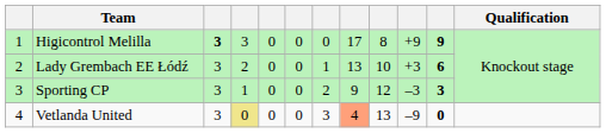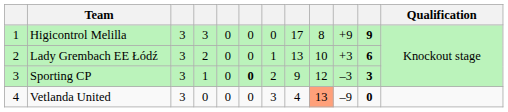 <table class="wikitable" style="font-size: 95%">
 <tr>
 <th width="25"></th>
 <th width="200">Team</th>
 <th width="25"></th>
 <th width="25"></th>
 <th width="25"></th>
 <th width="25"></th>
 <th width="25"></th>
 <th width="25"></th>
 <th width="25"></th>
 <th width="25"></th>
 <th width="25"></th>
 <th width="160">Qualification</th>
 </tr>
 <tr align=center bgcolor=#bbf3bb>
 <td>1</td>
 <td align=left> Higicontrol Melilla</td>
-<td><strong>3</strong></td>
+<td>3</td>
 <td>3</td>
 <td>0</td>
 <td>0</td>
 <td>0</td>
 <td>17</td>
 <td>8</td>
 <td>+9</td>
 <td><strong>9</strong></td>
 <td rowspan=3>Knockout stage</td>
 </tr>
 <tr align=center bgcolor=#bbf3bb>
 <td>2</td>
 <td align=left> Lady Grembach EE Łódź</td>
 <td>3</td>
 <td>2</td>
 <td>0</td>
 <td>0</td>
 <td>1</td>
 <td>13</td>
 <td>10</td>
 <td>+3</td>
 <td><strong>6</strong></td>
 </tr>
 <tr align=center bgcolor=#bbf3bb>
 <td>3</td>
 <td align=left> Sporting CP</td>
 <td>3</td>
 <td>1</td>
 <td>0</td>
-<td>0</td>
+<td><strong>0</strong></td>
 <td>2</td>
 <td>9</td>
 <td>12</td>
 <td>–3</td>
 <td><strong>3</strong></td>
 </tr>
 <tr align=center>
 <td>4</td>
 <td align=left> Vetlanda United</td>
 <td>3</td>
-<td style="background: khaki;">0</td>
+<td>0</td>
 <td>0</td>
 <td>0</td>
 <td>3</td>
-<td style="background: lightsalmon;">4</td>
-<td>13</td>
+<td>4</td>
+<td style="background: lightsalmon;">13</td>
 <td>–9</td>
 <td><strong>0</strong></td>
 <td></td>
 </tr>
 </table>
